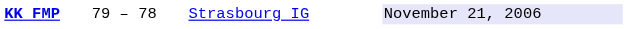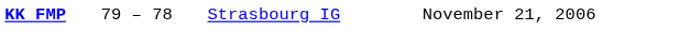 <table style="text-align:center">
 <tr>
 <th width=160></th>
 <th width=100></th>
 <th width=160></th>
 <th width=200></th>
 </tr>
 <tr>
 <td align=right><strong><a href='#'>KK FMP</a></strong> </td>
 <td>79 – 78</td>
 <td align=left> <a href='#'>Strasbourg IG</a></td>
-<td align=left style="background: lavender;">November 21, 2006</td>
+<td align=left>November 21, 2006</td>
 </tr>
 </table>
